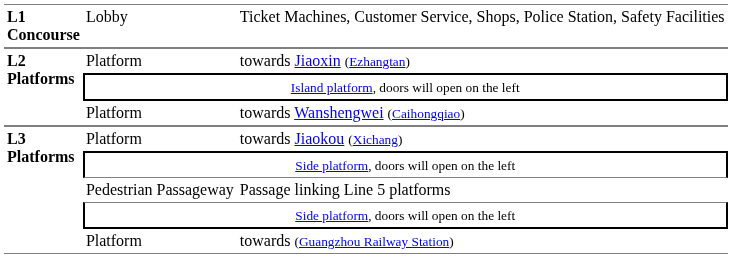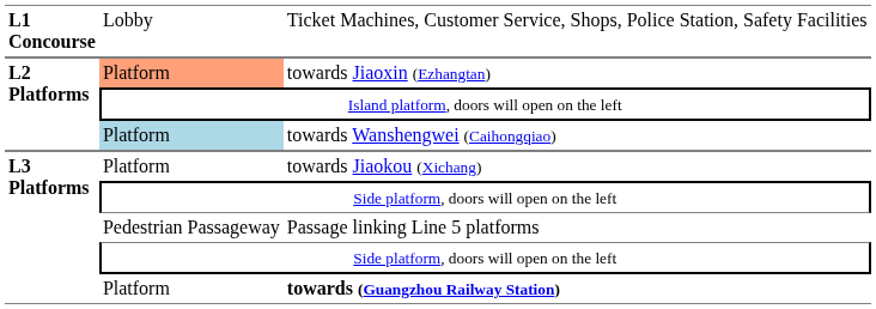 <table table border=0 cellspacing=0 cellpadding=3>
 <tr>
 <td style="border-bottom:solid 1px gray; border-top:solid 1px gray;" valign=top><strong>L1<br>Concourse</strong></td>
 <td style="border-bottom:solid 1px gray; border-top:solid 1px gray;" valign=top>Lobby</td>
 <td style="border-bottom:solid 1px gray; border-top:solid 1px gray;" valign=top>Ticket Machines, Customer Service, Shops, Police Station, Safety Facilities</td>
 </tr>
 <tr>
 <td style="border-bottom:solid 1px gray; border-top:solid 1px gray;" valign=top width=50 rowspan=3><strong>L2<br>Platforms</strong></td>
-<td style="border-top:solid 1px gray;">Platform </td>
+<td style="background: lightsalmon; border-top:solid 1px gray;">Platform </td>
 <td style="border-top:solid 1px gray;">  towards <a href='#'>Jiaoxin</a> <small>(<a href='#'>Ezhangtan</a>)</small></td>
 </tr>
 <tr>
 <td style="border-right:solid 2px black;border-left:solid 2px black;border-top:solid 2px black;border-bottom:solid 2px black;text-align:center;" colspan=2><small><a href='#'>Island platform</a>, doors will open on the left</small></td>
 </tr>
 <tr>
-<td style="border-bottom:solid 1px gray;">Platform </td>
+<td style="background: lightblue; border-bottom:solid 1px gray;">Platform </td>
 <td style="border-bottom:solid 1px gray;"> towards <a href='#'>Wanshengwei</a> <small>(<a href='#'>Caihongqiao</a>)</small> </td>
 </tr>
 <tr>
 <td style="border-top:solid 1px gray;border-bottom:solid 1px gray;" rowspan=5 valign=top><strong>L3<br>Platforms</strong></td>
 <td style="border-top:solid 1px gray;">Platform </td>
 <td style="border-top:solid 1px gray;">  towards <a href='#'>Jiaokou</a> <small>(<a href='#'>Xichang</a>)</small></td>
 </tr>
 <tr>
 <td style="border-right:solid 2px black;border-left:solid 2px black;border-top:solid 2px black;border-bottom:solid 1px gray;text-align:center" colspan=2><small><a href='#'>Side platform</a>, doors will open on the left</small></td>
 </tr>
 <tr>
 <td>Pedestrian Passageway</td>
 <td>Passage linking Line 5 platforms</td>
 </tr>
 <tr>
 <td style="border-right:solid 2px black;border-left:solid 2px black;border-top:solid 1px gray;border-bottom:solid 2px black;text-align:center" colspan=2><small><a href='#'>Side platform</a>, doors will open on the left</small></td>
 </tr>
 <tr>
 <td style="border-bottom:solid 1px gray;">Platform </td>
-<td style="border-bottom:solid 1px gray;"> towards  <small>(<a href='#'>Guangzhou Railway Station</a>)</small> </td>
+<td style="border-bottom:solid 1px gray;"><strong> towards  <small>(<a href='#'>Guangzhou Railway Station</a>)</small> </strong></td>
 </tr>
 </table>
